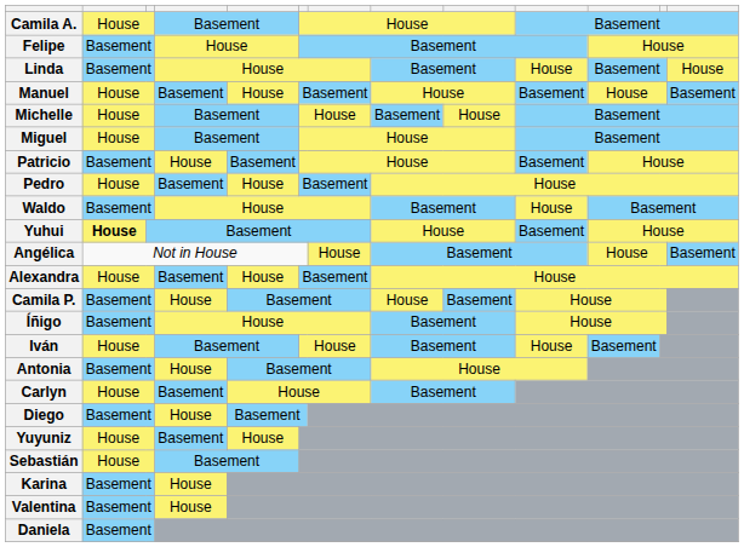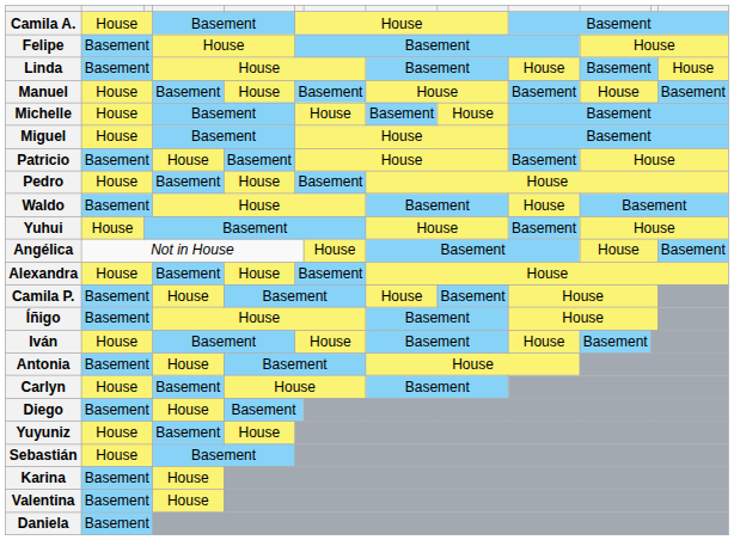 <table class="wikitable" style="text-align:center;">
 <tr>
 <th></th>
 <th></th>
 <th></th>
 <th></th>
 <th></th>
 <th></th>
 <th></th>
 <th></th>
 <th></th>
 <th></th>
 <th></th>
 <th></th>
 <th></th>
 </tr>
 <tr>
 <th>Camila A.</th>
 <td colspan="2" style="background:#FBF373;">House</td>
 <td colspan="2" style="background:#87D3F8;">Basement</td>
 <td colspan="4" style="background:#FBF373;">House</td>
 <td colspan="4" style="background:#87D3F8;">Basement</td>
 </tr>
 <tr>
 <th>Felipe</th>
 <td colspan="2" style="background:#87D3F8;">Basement</td>
 <td colspan="2" style="background:#FBF373;">House</td>
 <td colspan="5" style="background:#87D3F8;">Basement</td>
 <td colspan="3" style="background:#FBF373;">House</td>
 </tr>
 <tr>
 <th>Linda</th>
 <td colspan="2" style="background:#87D3F8;">Basement</td>
 <td colspan="4" style="background:#FBF373;">House</td>
 <td colspan="2" style="background:#87D3F8;">Basement</td>
 <td style="background:#FBF373;">House</td>
 <td colspan="2" style="background:#87D3F8;">Basement</td>
 <td style="background:#FBF373;">House</td>
 </tr>
 <tr>
 <th>Manuel</th>
 <td colspan="2" style="background:#FBF373;">House</td>
 <td style="background:#87D3F8;">Basement</td>
 <td style="background:#FBF373;">House</td>
 <td colspan="2" style="background:#87D3F8;">Basement</td>
 <td colspan="2" style="background:#FBF373;">House</td>
 <td style="background:#87D3F8;">Basement</td>
 <td colspan="2" style="background:#FBF373;">House</td>
 <td style="background:#87D3F8;">Basement</td>
 </tr>
 <tr>
 <th>Michelle</th>
 <td colspan="2" style="background:#FBF373;">House</td>
 <td colspan="2" style="background:#87D3F8;">Basement</td>
 <td colspan="2" style="background:#FBF373;">House</td>
 <td style="background:#87D3F8;">Basement</td>
 <td style="background:#FBF373;">House</td>
 <td colspan="4" style="background:#87D3F8;">Basement</td>
 </tr>
 <tr>
 <th>Miguel</th>
 <td colspan="2" style="background:#FBF373;">House</td>
 <td colspan="2" style="background:#87D3F8;">Basement</td>
 <td colspan="4" style="background:#FBF373;">House</td>
 <td colspan="4" style="background:#87D3F8;">Basement</td>
 </tr>
 <tr>
 <th>Patricio</th>
 <td colspan="2" style="background:#87D3F8;">Basement</td>
 <td style="background:#FBF373;">House</td>
 <td style="background:#87D3F8;">Basement</td>
 <td colspan="4" style="background:#FBF373;">House</td>
 <td style="background:#87D3F8;">Basement</td>
 <td colspan="3" style="background:#FBF373;">House</td>
 </tr>
 <tr>
 <th>Pedro</th>
 <td colspan="2" style="background:#FBF373;">House</td>
 <td style="background:#87D3F8;">Basement</td>
 <td style="background:#FBF373;">House</td>
 <td colspan="2" style="background:#87D3F8;">Basement</td>
 <td colspan="6" style="background:#FBF373;">House</td>
 </tr>
 <tr>
 <th>Waldo</th>
 <td colspan="2" style="background:#87D3F8;">Basement</td>
 <td colspan="4" style="background:#FBF373;">House</td>
 <td colspan="2" style="background:#87D3F8;">Basement</td>
 <td style="background:#FBF373;">House</td>
 <td colspan="3" style="background:#87D3F8;">Basement</td>
 </tr>
 <tr>
 <th>Yuhui</th>
-<td style="background:#FBF373;"><strong>House</strong></td>
+<td style="background:#FBF373;">House</td>
 <td colspan="5" style="background:#87D3F8;">Basement</td>
 <td colspan="2" style="background:#FBF373;">House</td>
 <td style="background:#87D3F8;">Basement</td>
 <td colspan="3" style="background:#FBF373;">House</td>
 </tr>
 <tr>
 <th>Angélica</th>
 <td colspan="5"><em>Not in House</em></td>
 <td style="background:#FBF373;">House</td>
 <td colspan="3" style="background:#87D3F8;">Basement</td>
 <td colspan="2" style="background:#FBF373;">House</td>
 <td style="background:#87D3F8;">Basement</td>
 </tr>
 <tr>
 <th>Alexandra</th>
 <td colspan="2" style="background:#FBF373;">House</td>
 <td style="background:#87D3F8;">Basement</td>
 <td style="background:#FBF373;">House</td>
 <td colspan="2" style="background:#87D3F8;">Basement</td>
 <td colspan="6" style="background:#FBF373;">House</td>
 </tr>
 <tr>
 <th>Camila P.</th>
 <td colspan="2" style="background:#87D3F8;">Basement</td>
 <td style="background:#FBF373;">House</td>
 <td colspan="3" style="background:#87D3F8;">Basement</td>
 <td style="background:#FBF373;">House</td>
 <td style="background:#87D3F8;">Basement</td>
 <td colspan="3" style="background:#FBF373;">House</td>
 <td style="background:#A2A9B1;"></td>
 </tr>
 <tr>
 <th>Íñigo</th>
 <td colspan="2" style="background:#87D3F8;">Basement</td>
 <td colspan="4" style="background:#FBF373;">House</td>
 <td colspan="2" style="background:#87D3F8;">Basement</td>
 <td colspan="3" style="background:#FBF373;">House</td>
 <td style="background:#A2A9B1;"></td>
 </tr>
 <tr>
 <th>Iván</th>
 <td colspan="2" style="background:#FBF373;">House</td>
 <td colspan="2" style="background:#87D3F8;">Basement</td>
 <td colspan="2" style="background:#FBF373;">House</td>
 <td colspan="2" style="background:#87D3F8;">Basement</td>
 <td style="background:#FBF373;">House</td>
 <td style="background:#87D3F8;">Basement</td>
 <td colspan="2" style="background:#A2A9B1;"></td>
 </tr>
 <tr>
 <th>Antonia</th>
 <td colspan="2" style="background:#87D3F8;">Basement</td>
 <td style="background:#FBF373;">House</td>
 <td colspan="3" style="background:#87D3F8;">Basement</td>
 <td colspan="3" style="background:#FBF373;">House</td>
 <td colspan="3" style="background:#A2A9B1;"></td>
 </tr>
 <tr>
 <th>Carlyn</th>
 <td colspan="2" style="background:#FBF373;">House</td>
 <td style="background:#87D3F8;">Basement</td>
 <td colspan="3" style="background:#FBF373;">House</td>
 <td colspan="2" style="background:#87D3F8;">Basement</td>
 <td colspan="4" style="background:#A2A9B1;"></td>
 </tr>
 <tr>
 <th>Diego</th>
 <td colspan="2" style="background:#87D3F8;">Basement</td>
 <td style="background:#FBF373;">House</td>
 <td colspan="2" style="background:#87D3F8;">Basement</td>
 <td colspan="7" style="background:#A2A9B1;"></td>
 </tr>
 <tr>
 <th>Yuyuniz</th>
 <td colspan="2" style="background:#FBF373;">House</td>
 <td style="background:#87D3F8;">Basement</td>
 <td style="background:#FBF373;">House</td>
 <td colspan="8" style="background:#A2A9B1;"></td>
 </tr>
 <tr>
 <th>Sebastián</th>
 <td colspan="2" style="background:#FBF373;">House</td>
 <td colspan="2" style="background:#87D3F8;">Basement</td>
 <td colspan="8" style="background:#A2A9B1;"></td>
 </tr>
 <tr>
 <th>Karina</th>
 <td colspan="2" style="background:#87D3F8;">Basement</td>
 <td style="background:#FBF373;">House</td>
 <td colspan="9" style="background:#A2A9B1;"></td>
 </tr>
 <tr>
 <th>Valentina</th>
 <td colspan="2" style="background:#87D3F8;">Basement</td>
 <td style="background:#FBF373;">House</td>
 <td colspan="9" style="background:#A2A9B1;"></td>
 </tr>
 <tr>
 <th>Daniela</th>
 <td colspan="2" style="background:#87D3F8;">Basement</td>
 <td colspan="10" style="background:#A2A9B1;"></td>
 </tr>
 </table>
